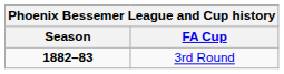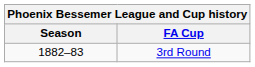 <table class="wikitable collapsible" style="text-align:center;font-size:75%">
 <tr>
 <th colspan="2"><strong>Phoenix Bessemer League and Cup history</strong></th>
 </tr>
 <tr>
 <th>Season</th>
 <th><a href='#'>FA Cup</a></th>
 </tr>
 <tr>
-<td><strong>1882–83</strong></td>
+<td>1882–83</td>
 <td><a href='#'>3rd Round</a></td>
 </tr>
 </table>
